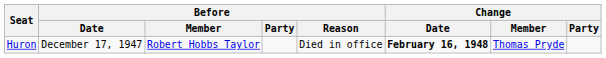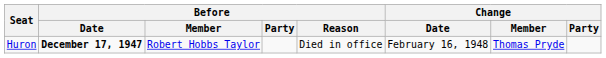 <table class="wikitable" style="border: none;">
 <tr>
 <th rowspan="2">Seat</th>
 <th colspan="4">Before</th>
 <th colspan="3">Change</th>
 </tr>
 <tr>
 <th>Date</th>
 <th>Member</th>
 <th>Party</th>
 <th>Reason</th>
 <th>Date</th>
 <th>Member</th>
 <th>Party</th>
 </tr>
 <tr>
 <td><a href='#'>Huron</a></td>
-<td>December 17, 1947</td>
+<td><strong>December 17, 1947</strong></td>
 <td><a href='#'>Robert Hobbs Taylor</a></td>
 <td></td>
 <td>Died in office</td>
-<td><strong>February 16, 1948</strong></td>
+<td>February 16, 1948</td>
 <td><a href='#'>Thomas Pryde</a></td>
 <td></td>
 </tr>
 </table>
